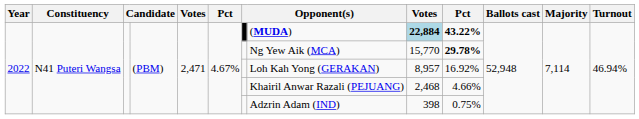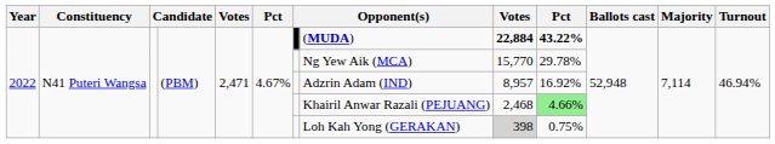 <table class="wikitable" style="margin:0.5em ; font-size:95%">
 <tr>
 <th>Year</th>
 <th>Constituency</th>
 <th colspan=2>Candidate</th>
 <th>Votes</th>
 <th>Pct</th>
 <th colspan=2>Opponent(s)</th>
 <th>Votes</th>
 <th>Pct</th>
 <th>Ballots cast</th>
 <th>Majority</th>
 <th>Turnout</th>
 </tr>
 <tr>
 <td rowspan="5"><a href='#'>2022</a></td>
 <td rowspan="5">N41 <a href='#'>Puteri Wangsa</a></td>
 <td rowspan="5"></td>
 <td rowspan="5"> (<a href='#'>PBM</a>)</td>
 <td rowspan="5" align=right>2,471</td>
 <td rowspan="5"align=right>4.67%</td>
 <td bgcolor="black"></td>
 <td> (<a href='#'><strong>MUDA</strong></a>)</td>
-<td align=right style="background: lightblue;"><strong>22,884</strong></td>
+<td align=right><strong>22,884</strong></td>
 <td><strong>43.22%</strong></td>
 <td rowspan="5">52,948</td>
 <td rowspan="5">7,114</td>
 <td rowspan="5">46.94%</td>
 </tr>
 <tr>
 <td></td>
 <td>Ng Yew Aik (<a href='#'>MCA</a>)</td>
 <td align=right>15,770</td>
-<td><strong>29.78%</strong></td>
+<td>29.78%</td>
 </tr>
 <tr>
 <td></td>
-<td>Loh Kah Yong (<a href='#'>GERAKAN</a>)</td>
+<td>Adzrin Adam (<a href='#'>IND</a>)</td>
 <td align=right>8,957</td>
 <td>16.92%</td>
 </tr>
 <tr>
 <td></td>
 <td>Khairil Anwar Razali (<a href='#'>PEJUANG</a>)</td>
 <td align=right>2,468</td>
-<td align=right>4.66%</td>
+<td align=right style="background: lightgreen;">4.66%</td>
 </tr>
 <tr>
 <td></td>
-<td>Adzrin Adam (<a href='#'>IND</a>)</td>
-<td align=right>398</td>
+<td>Loh Kah Yong (<a href='#'>GERAKAN</a>)</td>
+<td align=right style="background: lightgrey;">398</td>
 <td align=right>0.75%</td>
 </tr>
 </table>
